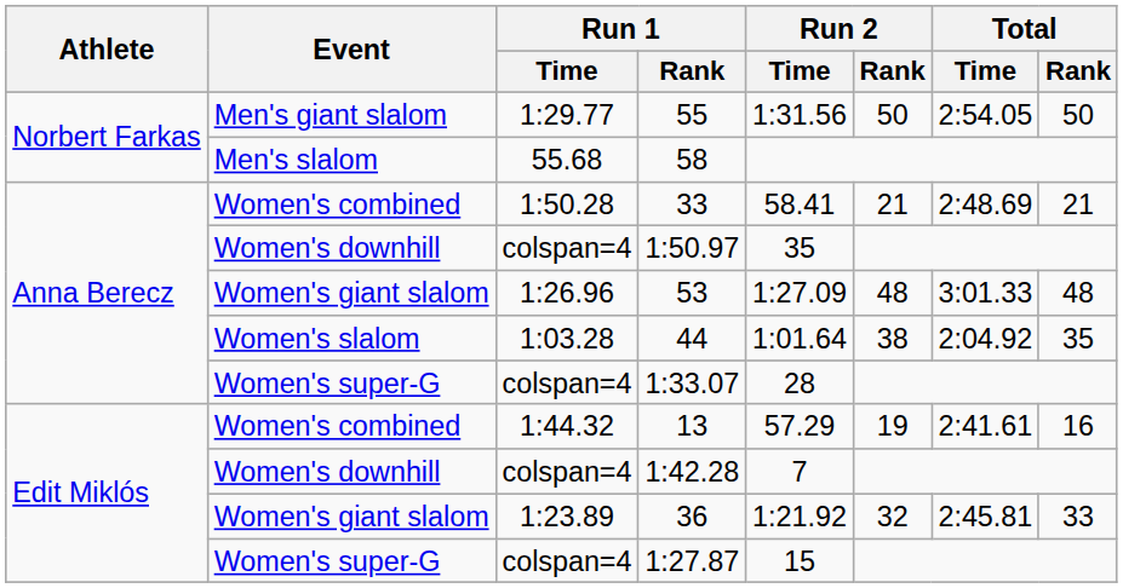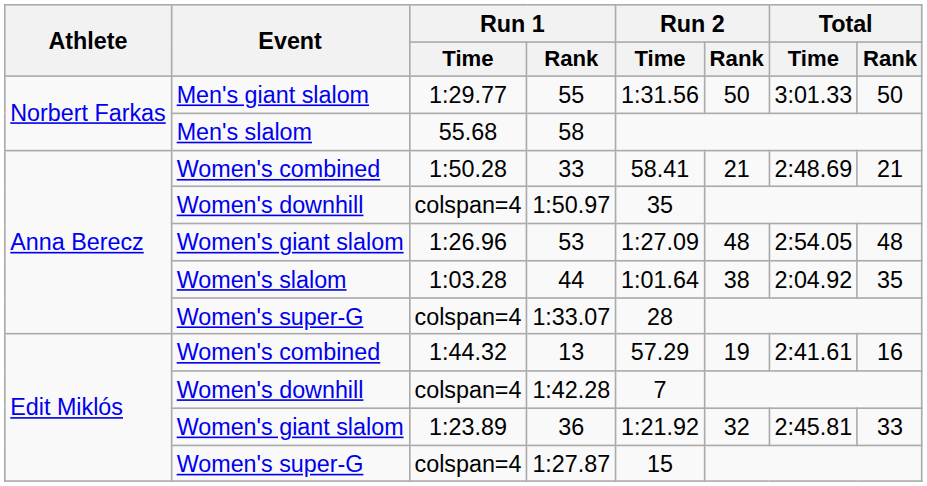 <table class="wikitable" style="font-size:90%">
 <tr>
 <th rowspan=2>Athlete</th>
 <th rowspan=2>Event</th>
 <th colspan=2>Run 1</th>
 <th colspan=2>Run 2</th>
 <th colspan=2>Total</th>
 </tr>
 <tr style="font-size:95%">
 <th>Time</th>
 <th>Rank</th>
 <th>Time</th>
 <th>Rank</th>
 <th>Time</th>
 <th>Rank</th>
 </tr>
 <tr align=center>
 <td align=left rowspan=2><a href='#'>Norbert Farkas</a></td>
 <td align=left><a href='#'>Men's giant slalom</a></td>
 <td>1:29.77</td>
 <td>55</td>
 <td>1:31.56</td>
 <td>50</td>
-<td>2:54.05</td>
+<td>3:01.33</td>
 <td>50</td>
 </tr>
 <tr align=center>
 <td align=left><a href='#'>Men's slalom</a></td>
 <td>55.68</td>
 <td>58</td>
 <td colspan=4></td>
 </tr>
 <tr align=center>
 <td align=left rowspan=5><a href='#'>Anna Berecz</a></td>
 <td align=left><a href='#'>Women's combined</a></td>
 <td>1:50.28</td>
 <td>33</td>
 <td>58.41</td>
 <td>21</td>
 <td>2:48.69</td>
 <td>21</td>
 </tr>
 <tr align=center>
 <td align=left><a href='#'>Women's downhill</a></td>
 <td>colspan=4 </td>
 <td>1:50.97</td>
 <td>35</td>
 </tr>
 <tr align=center>
 <td align=left><a href='#'>Women's giant slalom</a></td>
 <td>1:26.96</td>
 <td>53</td>
 <td>1:27.09</td>
 <td>48</td>
-<td>3:01.33</td>
+<td>2:54.05</td>
 <td>48</td>
 </tr>
 <tr align=center>
 <td align=left><a href='#'>Women's slalom</a></td>
 <td>1:03.28</td>
 <td>44</td>
 <td>1:01.64</td>
 <td>38</td>
 <td>2:04.92</td>
 <td>35</td>
 </tr>
 <tr align=center>
 <td align=left><a href='#'>Women's super-G</a></td>
 <td>colspan=4 </td>
 <td>1:33.07</td>
 <td>28</td>
 </tr>
 <tr align=center>
 <td align=left rowspan=4><a href='#'>Edit Miklós</a></td>
 <td align=left><a href='#'>Women's combined</a></td>
 <td>1:44.32</td>
 <td>13</td>
 <td>57.29</td>
 <td>19</td>
 <td>2:41.61</td>
 <td>16</td>
 </tr>
 <tr align=center>
 <td align=left><a href='#'>Women's downhill</a></td>
 <td>colspan=4 </td>
 <td>1:42.28</td>
 <td>7</td>
 </tr>
 <tr align=center>
 <td align=left><a href='#'>Women's giant slalom</a></td>
 <td>1:23.89</td>
 <td>36</td>
 <td>1:21.92</td>
 <td>32</td>
 <td>2:45.81</td>
 <td>33</td>
 </tr>
 <tr align=center>
 <td align=left><a href='#'>Women's super-G</a></td>
 <td>colspan=4 </td>
 <td>1:27.87</td>
 <td>15</td>
 </tr>
 </table>
